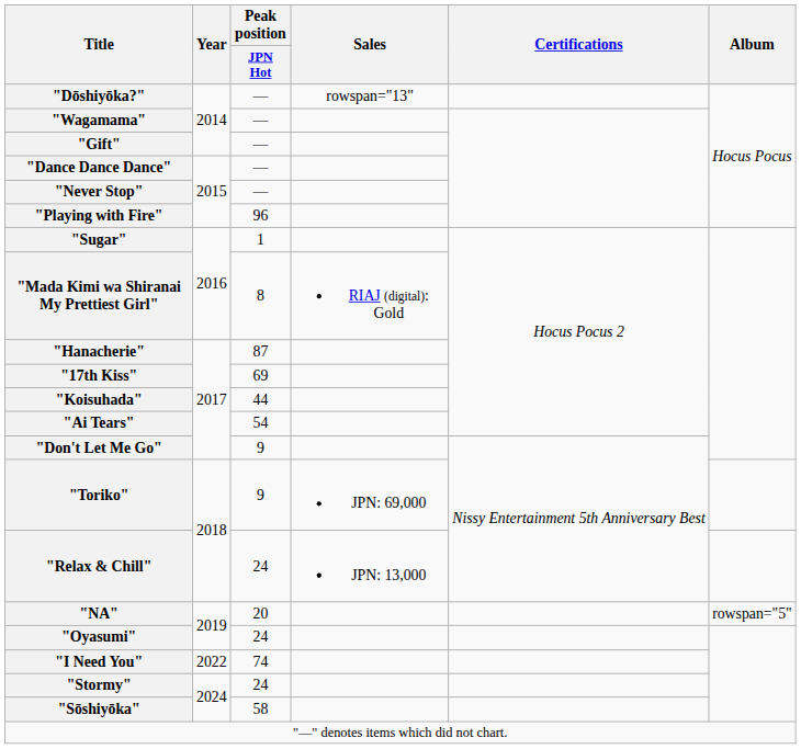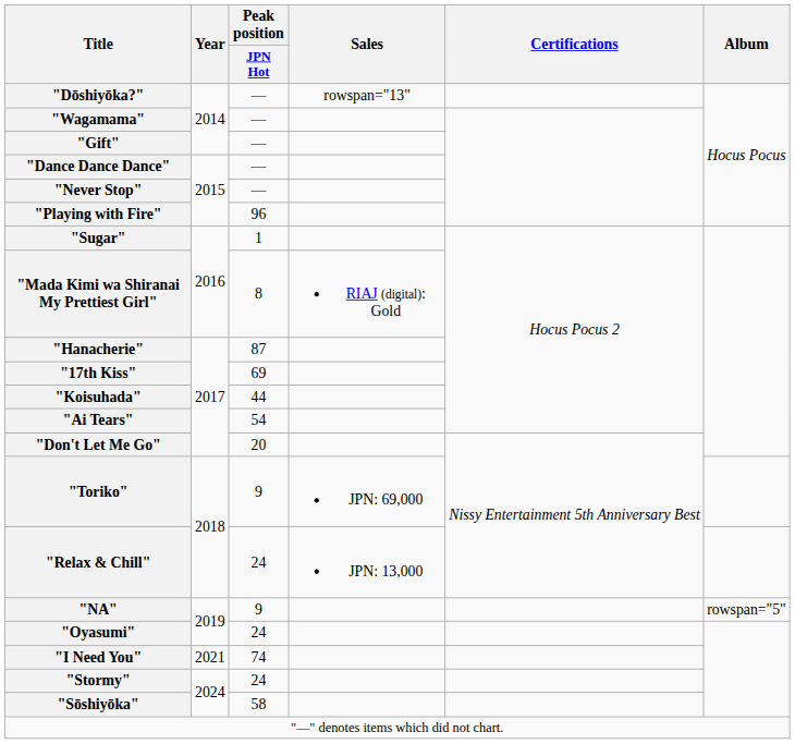 <table class="wikitable plainrowheaders" style="text-align:center;">
 <tr>
 <th scope="col" rowspan="2" style="width:12em;">Title</th>
 <th scope="col" rowspan="2" style="width:2em;">Year</th>
 <th scope="col">Peak position</th>
 <th rowspan="2" style="width:10em;">Sales</th>
 <th scope="col" rowspan="2"><a href='#'>Certifications</a></th>
 <th scope="col" rowspan="2">Album</th>
 </tr>
 <tr>
 <th scope="col" style="width:4em;font-size:90%;"><a href='#'>JPN<br>Hot</a><br></th>
 </tr>
 <tr>
 <th scope="row">"Dōshiyōka?"</th>
 <td rowspan="3">2014</td>
 <td>—</td>
 <td>rowspan="13" </td>
 <td></td>
 <td rowspan="6"><em>Hocus Pocus</em></td>
 </tr>
 <tr>
 <th scope="row">"Wagamama"</th>
 <td>—</td>
 <td></td>
 </tr>
 <tr>
 <th scope="row">"Gift"</th>
 <td>—</td>
 <td></td>
 </tr>
 <tr>
 <th scope="row">"Dance Dance Dance"</th>
 <td rowspan="3">2015</td>
 <td>—</td>
 <td></td>
 </tr>
 <tr>
 <th scope="row">"Never Stop"</th>
 <td>—</td>
 <td></td>
 </tr>
 <tr>
 <th scope="row">"Playing with Fire"</th>
 <td>96</td>
 <td></td>
 </tr>
 <tr>
 <th scope="row">"Sugar"</th>
 <td rowspan="2">2016</td>
 <td>1</td>
 <td></td>
 <td rowspan="6"><em>Hocus Pocus 2</em></td>
 </tr>
 <tr>
 <th scope="row">"Mada Kimi wa Shiranai My Prettiest Girl"</th>
 <td>8</td>
 <td><br><ul><li><a href='#'>RIAJ</a> <small>(digital)</small>: Gold</li></ul></td>
 </tr>
 <tr>
 <th scope="row">"Hanacherie"</th>
 <td rowspan="5">2017</td>
 <td>87</td>
 <td></td>
 </tr>
 <tr>
 <th scope="row">"17th Kiss"</th>
 <td>69</td>
 <td></td>
 </tr>
 <tr>
 <th scope="row">"Koisuhada"</th>
 <td>44</td>
 <td></td>
 </tr>
 <tr>
 <th scope="row">"Ai Tears"</th>
 <td>54</td>
 <td></td>
 </tr>
 <tr>
 <th scope="row">"Don't Let Me Go"</th>
-<td>9</td>
+<td>20</td>
 <td></td>
 <td rowspan="3"><em>Nissy Entertainment 5th Anniversary Best</em></td>
 </tr>
 <tr>
 <th scope="row">"Toriko"</th>
 <td rowspan="2">2018</td>
 <td>9</td>
 <td><br><ul><li>JPN: 69,000</li></ul></td>
 <td></td>
 </tr>
 <tr>
 <th scope="row">"Relax & Chill"</th>
 <td>24</td>
 <td><br><ul><li>JPN: 13,000</li></ul></td>
 <td></td>
 </tr>
 <tr>
 <th scope="row">"NA"</th>
 <td rowspan="2">2019</td>
-<td>20</td>
+<td>9</td>
 <td></td>
 <td></td>
 <td>rowspan="5" </td>
 </tr>
 <tr>
 <th scope="row">"Oyasumi"</th>
 <td>24</td>
 <td></td>
 <td></td>
 </tr>
 <tr>
 <th scope="row">"I Need You"</th>
-<td>2022</td>
+<td>2021</td>
 <td>74</td>
 <td></td>
 <td></td>
 </tr>
 <tr>
 <th scope="row">"Stormy"<br></th>
 <td rowspan="2">2024</td>
 <td>24</td>
 <td></td>
 <td></td>
 </tr>
 <tr>
 <th scope="row">"Sōshiyōka"</th>
 <td>58</td>
 <td></td>
 <td></td>
 </tr>
 <tr>
 <td colspan="12" align="center" style="font-size:90%;">"—" denotes items which did not chart.</td>
 </tr>
 </table>
